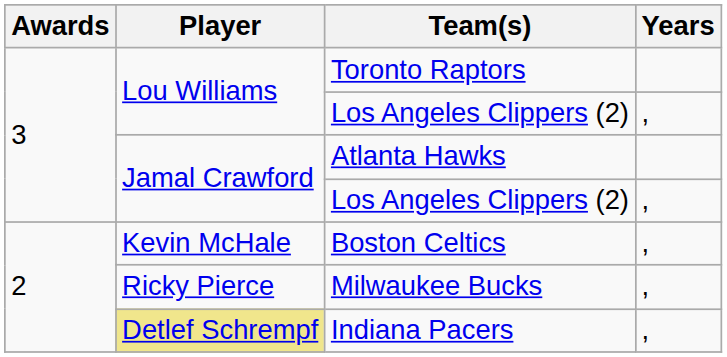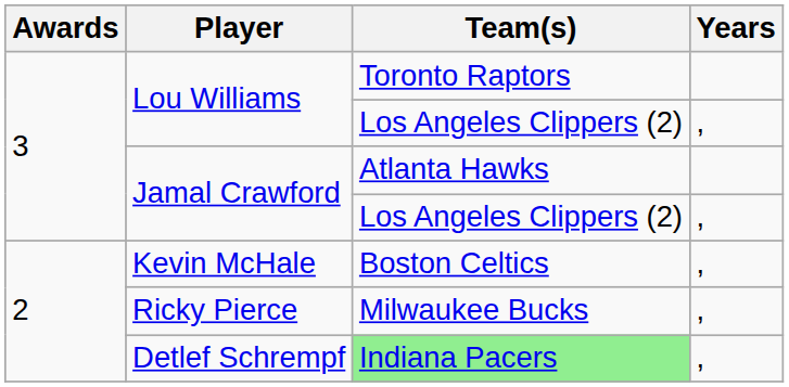 <table class="wikitable">
 <tr>
 <th>Awards</th>
 <th>Player</th>
 <th>Team(s)</th>
 <th>Years</th>
 </tr>
 <tr>
 <td rowspan="4">3</td>
 <td rowspan=2> <a href='#'>Lou Williams</a></td>
 <td><a href='#'>Toronto Raptors</a></td>
 <td></td>
 </tr>
 <tr>
 <td><a href='#'>Los Angeles Clippers</a> (2)</td>
 <td>, </td>
 </tr>
 <tr>
 <td rowspan=2> <a href='#'>Jamal Crawford</a></td>
 <td><a href='#'>Atlanta Hawks</a></td>
 <td></td>
 </tr>
 <tr>
 <td><a href='#'>Los Angeles Clippers</a> (2)</td>
 <td>, </td>
 </tr>
 <tr>
 <td rowspan="3">2</td>
 <td> <a href='#'>Kevin McHale</a></td>
 <td><a href='#'>Boston Celtics</a></td>
 <td>, </td>
 </tr>
 <tr>
 <td> <a href='#'>Ricky Pierce</a></td>
 <td><a href='#'>Milwaukee Bucks</a></td>
 <td>, </td>
 </tr>
 <tr>
-<td style="background: khaki;"> <a href='#'>Detlef Schrempf</a></td>
-<td><a href='#'>Indiana Pacers</a></td>
+<td> <a href='#'>Detlef Schrempf</a></td>
+<td style="background: lightgreen;"><a href='#'>Indiana Pacers</a></td>
 <td>, </td>
 </tr>
 </table>
